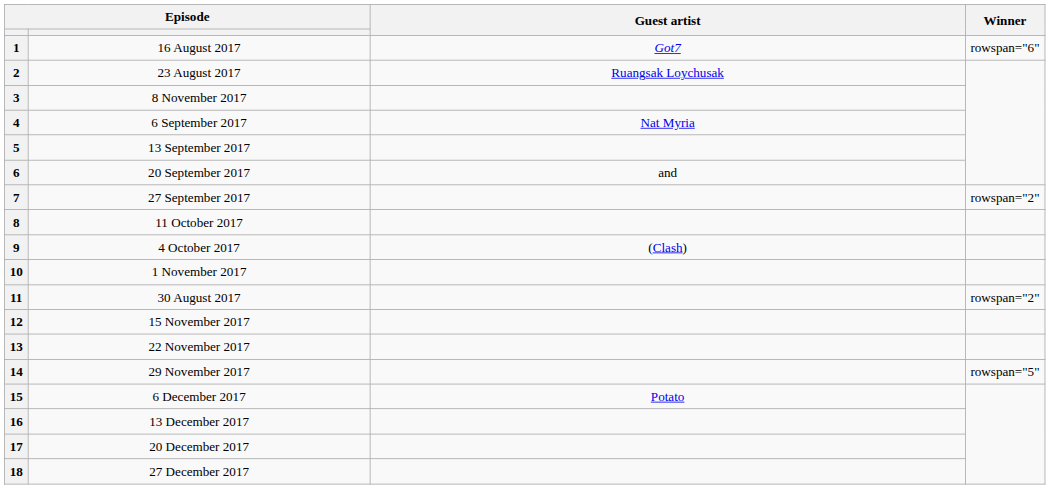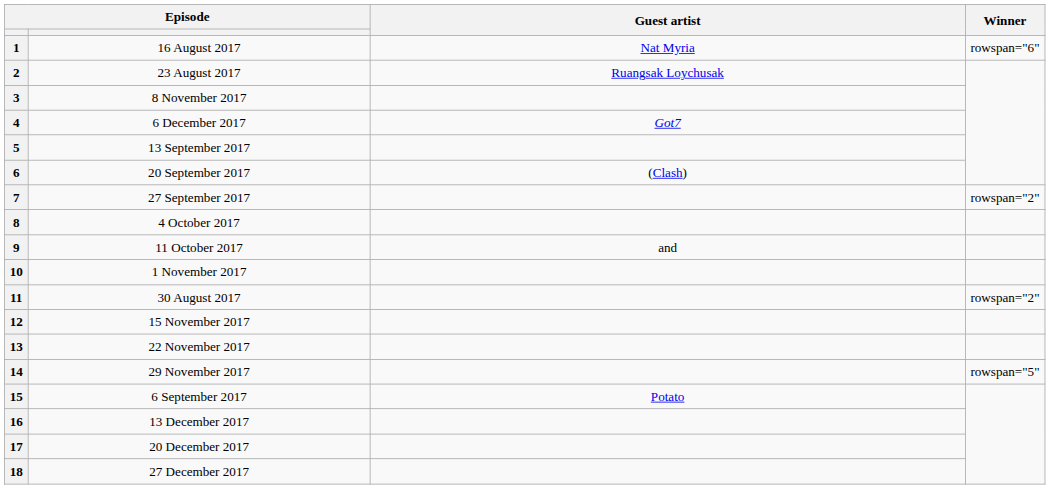 <table class="wikitable plainrowheaders mw-collapsible" style="text-align:center; line-height:23px; width:64%;">
 <tr>
 <th colspan="2" width="24%">Episode</th>
 <th rowspan="2" width="40%">Guest artist</th>
 <th rowspan="2" width="1%">Winner</th>
 </tr>
 <tr>
 <th width="01%"></th>
 <th></th>
 </tr>
 <tr>
 <th>1</th>
 <td>16 August 2017</td>
-<td><em><a href='#'>Got7</a></em></td>
+<td><a href='#'>Nat Myria</a></td>
 <td>rowspan="6" </td>
 </tr>
 <tr>
 <th>2</th>
 <td>23 August 2017</td>
 <td><a href='#'>Ruangsak Loychusak</a></td>
 </tr>
 <tr>
 <th>3</th>
 <td>8 November 2017</td>
 <td></td>
 </tr>
 <tr>
 <th>4</th>
-<td>6 September 2017</td>
-<td><a href='#'>Nat Myria</a></td>
+<td>6 December 2017</td>
+<td><em><a href='#'>Got7</a></em></td>
 </tr>
 <tr>
 <th>5</th>
 <td>13 September 2017</td>
 <td></td>
 </tr>
 <tr>
 <th>6</th>
 <td>20 September 2017</td>
-<td> and </td>
+<td> (<a href='#'>Clash</a>)</td>
 </tr>
 <tr>
 <th>7</th>
 <td>27 September 2017</td>
 <td></td>
 <td>rowspan="2" </td>
 </tr>
 <tr>
 <th>8</th>
-<td>11 October 2017</td>
+<td>4 October 2017</td>
 <td></td>
 </tr>
 <tr>
 <th>9</th>
-<td>4 October 2017</td>
-<td> (<a href='#'>Clash</a>)</td>
+<td>11 October 2017</td>
+<td> and </td>
 <td></td>
 </tr>
 <tr>
 <th>10</th>
 <td>1 November 2017</td>
 <td></td>
 <td></td>
 </tr>
 <tr>
 <th>11</th>
 <td>30 August 2017</td>
 <td><em></em></td>
 <td>rowspan="2" </td>
 </tr>
 <tr>
 <th>12</th>
 <td>15 November 2017</td>
 <td></td>
 </tr>
 <tr>
 <th>13</th>
 <td>22 November 2017</td>
 <td></td>
 <td></td>
 </tr>
 <tr>
 <th>14</th>
 <td>29 November 2017</td>
 <td></td>
 <td>rowspan="5" </td>
 </tr>
 <tr>
 <th>15</th>
-<td>6 December 2017</td>
+<td>6 September 2017</td>
 <td><a href='#'>Potato</a></td>
 </tr>
 <tr>
 <th>16</th>
 <td>13 December 2017</td>
 <td></td>
 </tr>
 <tr>
 <th>17</th>
 <td>20 December 2017</td>
 <td></td>
 </tr>
 <tr>
 <th>18</th>
 <td>27 December 2017</td>
 <td></td>
 </tr>
 </table>
